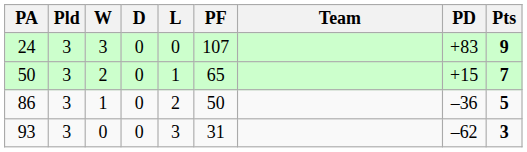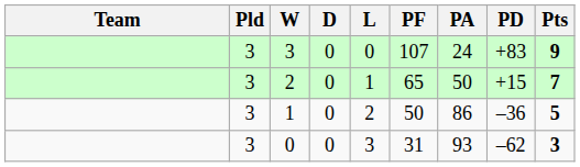 <table class="wikitable" style="text-align:center;">
 <tr>
-<th width=32 abbr="Points against">PA</th>
+<th width=175>Team</th>
 <th width=25 abbr="Played">Pld</th>
 <th width=25 abbr="Won">W</th>
 <th width=25 abbr="Drawn">D</th>
 <th width=25 abbr="Lost">L</th>
 <th width=32 abbr="Points for">PF</th>
-<th width=175>Team</th>
+<th width=32 abbr="Points against">PA</th>
 <th width=32 abbr="Points difference">PD</th>
 <th width=25 abbr="Points">Pts</th>
 </tr>
 <tr bgcolor=ccffcc>
-<td>24</td>
+<td align=left></td>
 <td>3</td>
 <td>3</td>
 <td>0</td>
 <td>0</td>
 <td>107</td>
-<td align=left></td>
+<td>24</td>
 <td>+83</td>
 <td><strong>9</strong></td>
 </tr>
 <tr bgcolor=ccffcc>
-<td>50</td>
+<td align=left></td>
 <td>3</td>
 <td>2</td>
 <td>0</td>
 <td>1</td>
 <td>65</td>
-<td align=left></td>
+<td>50</td>
 <td>+15</td>
 <td><strong>7</strong></td>
 </tr>
 <tr>
-<td>86</td>
+<td align=left></td>
 <td>3</td>
 <td>1</td>
 <td>0</td>
 <td>2</td>
 <td>50</td>
-<td align=left></td>
+<td>86</td>
 <td>–36</td>
 <td><strong>5</strong></td>
 </tr>
 <tr>
-<td>93</td>
+<td align=left></td>
 <td>3</td>
 <td>0</td>
 <td>0</td>
 <td>3</td>
 <td>31</td>
-<td align=left></td>
+<td>93</td>
 <td>–62</td>
 <td><strong>3</strong></td>
 </tr>
 </table>
